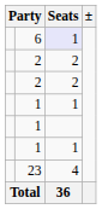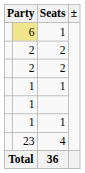 <table class="wikitable" style="text-align:right;">
 <tr>
 <th colspan="2">Party</th>
 <th>Seats</th>
 <th>±</th>
 </tr>
 <tr>
 <td></td>
-<td>6</td>
-<td style="background: lavender;">1</td>
+<td style="background: khaki;">6</td>
+<td>1</td>
 </tr>
 <tr>
 <td></td>
 <td>2</td>
 <td>2</td>
 </tr>
 <tr>
 <td></td>
 <td>2</td>
 <td>2</td>
 </tr>
 <tr>
 <td></td>
 <td>1</td>
 <td>1</td>
 </tr>
 <tr>
 <td></td>
 <td>1</td>
 <td></td>
 </tr>
 <tr>
 <td></td>
 <td>1</td>
 <td>1</td>
 </tr>
 <tr>
 <td></td>
 <td>23</td>
 <td>4</td>
 </tr>
 <tr>
 <th colspan="2">Total</th>
 <th align=right>36</th>
 <th></th>
 </tr>
 </table>
